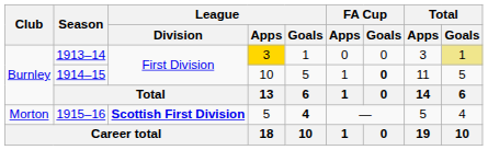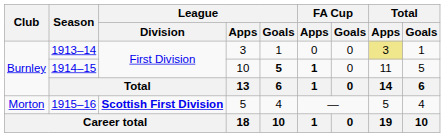 <table class="wikitable" style="text-align: center;">
 <tr>
 <th rowspan="2">Club</th>
 <th rowspan="2">Season</th>
 <th colspan="3">League</th>
 <th colspan="2">FA Cup</th>
 <th colspan="2">Total</th>
 </tr>
 <tr>
 <th>Division</th>
 <th>Apps</th>
 <th>Goals</th>
 <th>Apps</th>
 <th>Goals</th>
 <th>Apps</th>
 <th>Goals</th>
 </tr>
 <tr>
 <td rowspan="3"><a href='#'>Burnley</a></td>
 <td><a href='#'>1913–14</a></td>
 <td rowspan="2"><a href='#'>First Division</a></td>
-<td style="background: gold;">3</td>
+<td>3</td>
 <td>1</td>
 <td>0</td>
 <td>0</td>
-<td>3</td>
-<td style="background: khaki;">1</td>
+<td style="background: khaki;">3</td>
+<td>1</td>
 </tr>
 <tr>
 <td><a href='#'>1914–15</a></td>
 <td>10</td>
-<td>5</td>
-<td>1</td>
-<td><strong>0</strong></td>
+<td><strong>5</strong></td>
+<td><strong>1</strong></td>
+<td>0</td>
 <td>11</td>
 <td>5</td>
 </tr>
 <tr>
 <th colspan="2">Total</th>
 <th>13</th>
 <th>6</th>
 <th>1</th>
 <th>0</th>
 <th>14</th>
 <th>6</th>
 </tr>
 <tr>
 <td><a href='#'>Morton</a></td>
 <td><a href='#'>1915–16</a></td>
 <td><strong><a href='#'>Scottish First Division</a></strong></td>
 <td>5</td>
-<td><strong>4</strong></td>
+<td>4</td>
 <td colspan="2">—</td>
 <td>5</td>
 <td>4</td>
 </tr>
 <tr>
 <th colspan="3">Career total</th>
 <th>18</th>
 <th>10</th>
 <th>1</th>
 <th>0</th>
 <th>19</th>
 <th>10</th>
 </tr>
 </table>
